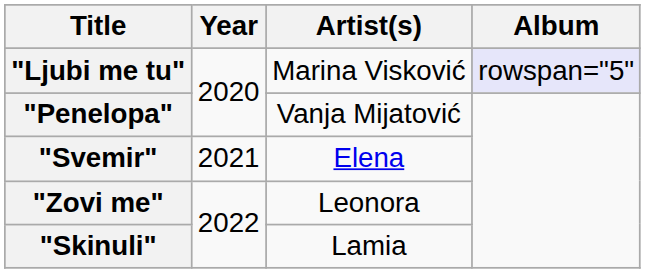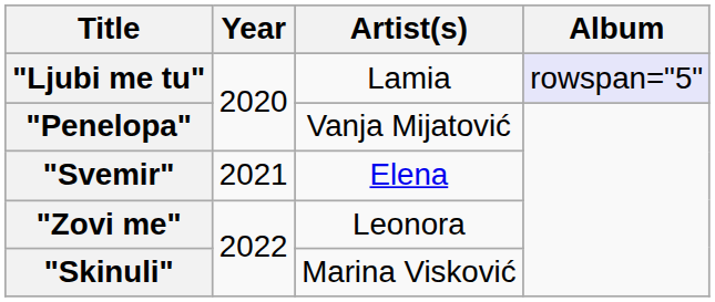 <table class="wikitable plainrowheaders" style="text-align:center;">
 <tr>
 <th scope="col">Title</th>
 <th scope="col">Year</th>
 <th scope="col">Artist(s)</th>
 <th scope="col">Album</th>
 </tr>
 <tr>
 <th scope="row">"Ljubi me tu"</th>
 <td rowspan="2">2020</td>
-<td>Marina Visković</td>
+<td>Lamia</td>
 <td style="background: lavender;">rowspan="5" </td>
 </tr>
 <tr>
 <th scope="row">"Penelopa"</th>
 <td>Vanja Mijatović</td>
 </tr>
 <tr>
 <th scope="row">"Svemir"</th>
 <td rowspan="1">2021</td>
 <td><a href='#'>Elena</a></td>
 </tr>
 <tr>
 <th scope="row">"Zovi me"</th>
 <td rowspan="2">2022</td>
 <td>Leonora</td>
 </tr>
 <tr>
 <th scope="row">"Skinuli"</th>
-<td>Lamia</td>
+<td>Marina Visković</td>
 </tr>
 </table>
